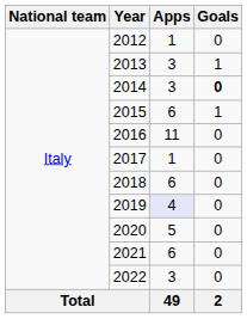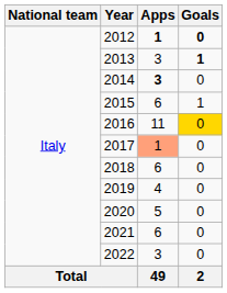 <table class="wikitable" style="text-align:center">
 <tr>
 <th>National team</th>
 <th>Year</th>
 <th>Apps</th>
 <th>Goals</th>
 </tr>
 <tr>
 <td rowspan="11"><a href='#'>Italy</a></td>
 <td>2012</td>
-<td>1</td>
-<td>0</td>
+<td><strong>1</strong></td>
+<td><strong>0</strong></td>
 </tr>
 <tr>
 <td>2013</td>
 <td>3</td>
-<td>1</td>
+<td><strong>1</strong></td>
 </tr>
 <tr>
 <td>2014</td>
-<td>3</td>
-<td><strong>0</strong></td>
+<td><strong>3</strong></td>
+<td>0</td>
 </tr>
 <tr>
 <td>2015</td>
 <td>6</td>
 <td>1</td>
 </tr>
 <tr>
 <td>2016</td>
 <td>11</td>
-<td>0</td>
+<td style="background: gold;">0</td>
 </tr>
 <tr>
 <td>2017</td>
-<td>1</td>
+<td style="background: lightsalmon;">1</td>
 <td>0</td>
 </tr>
 <tr>
 <td>2018</td>
 <td>6</td>
 <td>0</td>
 </tr>
 <tr>
 <td>2019</td>
-<td style="background: lavender;">4</td>
+<td>4</td>
 <td>0</td>
 </tr>
 <tr>
 <td>2020</td>
 <td>5</td>
 <td>0</td>
 </tr>
 <tr>
 <td>2021</td>
 <td>6</td>
 <td>0</td>
 </tr>
 <tr>
 <td>2022</td>
 <td>3</td>
 <td>0</td>
 </tr>
 <tr>
 <th colspan="2">Total</th>
 <th>49</th>
 <th>2</th>
 </tr>
 </table>
